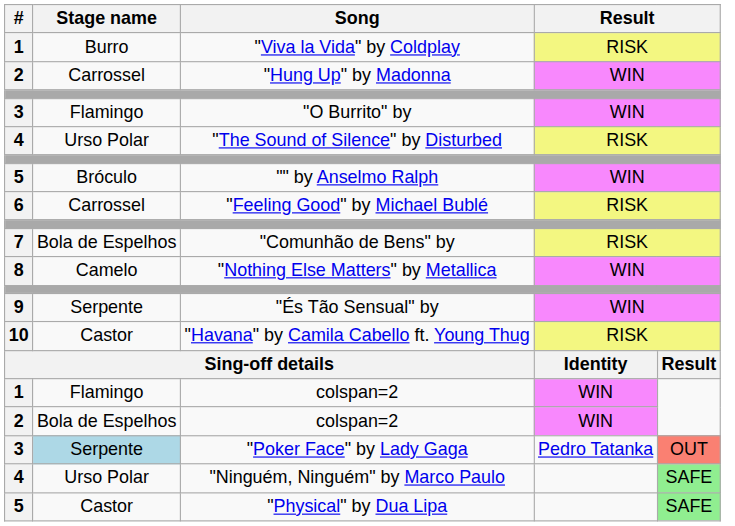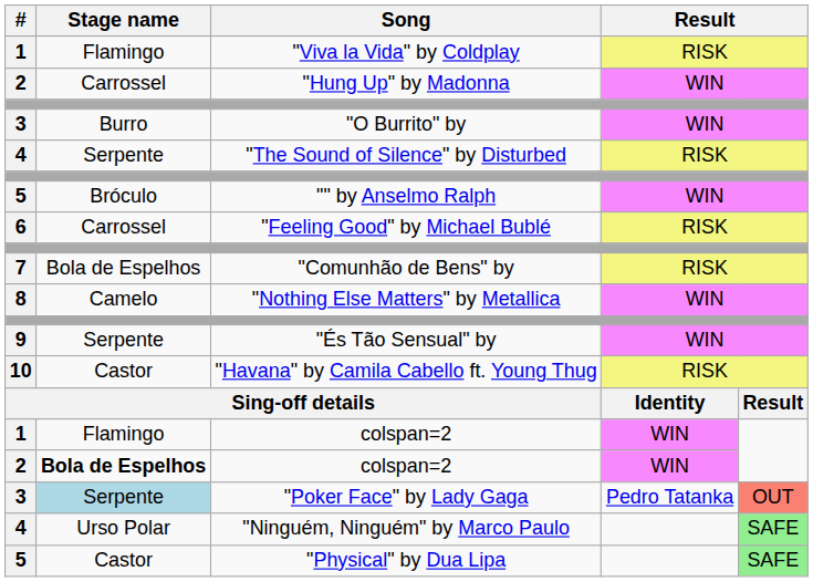 <table class="wikitable plainrowheaders" style="text-align: center;">
 <tr>
 <th>#</th>
 <th>Stage name</th>
 <th>Song</th>
 <th colspan=2>Result</th>
 </tr>
 <tr>
 <th>1</th>
-<td>Burro</td>
+<td>Flamingo</td>
 <td>"<a href='#'>Viva la Vida</a>" by <a href='#'>Coldplay</a></td>
 <td colspan=2 bgcolor="#F3F781">RISK</td>
 </tr>
 <tr>
 <th>2</th>
 <td>Carrossel</td>
 <td>"<a href='#'>Hung Up</a>" by <a href='#'>Madonna</a></td>
 <td colspan=2 bgcolor="#F888FD">WIN</td>
 </tr>
 <tr>
 <td colspan="5" style="background:darkgray"></td>
 </tr>
 <tr>
 <th>3</th>
-<td>Flamingo</td>
+<td>Burro</td>
 <td>"O Burrito" by </td>
 <td colspan=2 bgcolor="#F888FD">WIN</td>
 </tr>
 <tr>
 <th>4</th>
-<td>Urso Polar</td>
+<td>Serpente</td>
 <td>"<a href='#'>The Sound of Silence</a>" by <a href='#'>Disturbed</a></td>
 <td colspan=2 bgcolor="#F3F781">RISK</td>
 </tr>
 <tr>
 <td colspan="5" style="background:darkgray"></td>
 </tr>
 <tr>
 <th>5</th>
 <td>Bróculo</td>
 <td>"" by <a href='#'>Anselmo Ralph</a></td>
 <td colspan=2 bgcolor="#F888FD">WIN</td>
 </tr>
 <tr>
 <th>6</th>
 <td>Carrossel</td>
 <td>"<a href='#'>Feeling Good</a>" by <a href='#'>Michael Bublé</a></td>
 <td colspan=2 bgcolor="#F3F781">RISK</td>
 </tr>
 <tr>
 <td colspan="5" style="background:darkgray"></td>
 </tr>
 <tr>
 <th>7</th>
 <td>Bola de Espelhos</td>
 <td>"Comunhão de Bens" by </td>
 <td colspan=2 bgcolor="#F3F781">RISK</td>
 </tr>
 <tr>
 <th>8</th>
 <td>Camelo</td>
 <td>"<a href='#'>Nothing Else Matters</a>" by <a href='#'>Metallica</a></td>
 <td colspan=2 bgcolor="#F888FD">WIN</td>
 </tr>
 <tr>
 <td colspan="5" style="background:darkgray"></td>
 </tr>
 <tr>
 <th>9</th>
 <td>Serpente</td>
 <td>"És Tão Sensual" by </td>
 <td colspan=2 bgcolor="#F888FD">WIN</td>
 </tr>
 <tr>
 <th>10</th>
 <td>Castor</td>
 <td>"<a href='#'>Havana</a>" by <a href='#'>Camila Cabello</a> ft. <a href='#'>Young Thug</a></td>
 <td colspan=2 bgcolor="#F3F781">RISK</td>
 </tr>
 <tr>
 <th colspan="3">Sing-off details</th>
 <th>Identity</th>
 <th>Result</th>
 </tr>
 <tr>
 <th>1</th>
 <td>Flamingo</td>
 <td>colspan=2 </td>
 <td bgcolor="F888FD">WIN</td>
 </tr>
 <tr>
 <th>2</th>
-<td>Bola de Espelhos</td>
+<td><strong>Bola de Espelhos</strong></td>
 <td>colspan=2 </td>
 <td bgcolor="F888FD">WIN</td>
 </tr>
 <tr>
 <th>3</th>
 <td style="background: lightblue;">Serpente</td>
 <td>"<a href='#'>Poker Face</a>" by <a href='#'>Lady Gaga</a></td>
 <td><a href='#'>Pedro Tatanka</a></td>
 <td bgcolor=salmon>OUT</td>
 </tr>
 <tr>
 <th>4</th>
 <td>Urso Polar</td>
 <td>"Ninguém, Ninguém" by <a href='#'>Marco Paulo</a></td>
 <td></td>
 <td bgcolor=lightgreen>SAFE</td>
 </tr>
 <tr>
 <th>5</th>
 <td>Castor</td>
 <td>"<a href='#'>Physical</a>" by <a href='#'>Dua Lipa</a></td>
 <td></td>
 <td bgcolor=lightgreen>SAFE</td>
 </tr>
 </table>
